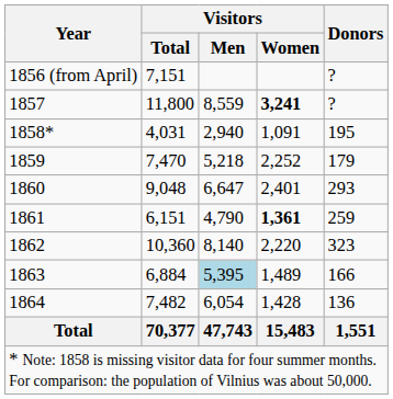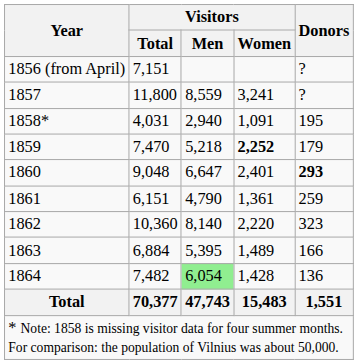 <table class="wikitable sortable floatright">
 <tr>
 <th rowspan=2>Year</th>
 <th colspan=3>Visitors</th>
 <th rowspan=2>Donors</th>
 </tr>
 <tr>
 <th>Total</th>
 <th>Men</th>
 <th>Women</th>
 </tr>
 <tr>
 <td>1856 (from April)</td>
 <td>7,151</td>
 <td> </td>
 <td> </td>
 <td>?</td>
 </tr>
 <tr>
 <td>1857</td>
 <td>11,800</td>
 <td>8,559</td>
-<td><strong>3,241</strong></td>
+<td>3,241</td>
 <td>?</td>
 </tr>
 <tr>
 <td>1858*</td>
 <td>4,031</td>
 <td>2,940</td>
 <td>1,091</td>
 <td>195</td>
 </tr>
 <tr>
 <td>1859</td>
 <td>7,470</td>
 <td>5,218</td>
-<td>2,252</td>
+<td><strong>2,252</strong></td>
 <td>179</td>
 </tr>
 <tr>
 <td>1860</td>
 <td>9,048</td>
 <td>6,647</td>
 <td>2,401</td>
-<td>293</td>
+<td><strong>293</strong></td>
 </tr>
 <tr>
 <td>1861</td>
 <td>6,151</td>
 <td>4,790</td>
-<td><strong>1,361</strong></td>
+<td>1,361</td>
 <td>259</td>
 </tr>
 <tr>
 <td>1862</td>
 <td>10,360</td>
 <td>8,140</td>
 <td>2,220</td>
 <td>323</td>
 </tr>
 <tr>
 <td>1863</td>
 <td>6,884</td>
-<td style="background: lightblue;">5,395</td>
+<td>5,395</td>
 <td>1,489</td>
 <td>166</td>
 </tr>
 <tr>
 <td>1864</td>
 <td>7,482</td>
-<td>6,054</td>
+<td style="background: lightgreen;">6,054</td>
 <td>1,428</td>
 <td>136</td>
 </tr>
 <tr class="sortbottom">
 <th>Total</th>
 <th>70,377</th>
 <th>47,743</th>
 <th>15,483</th>
 <th>1,551</th>
 </tr>
 <tr class="sortbottom">
 <td colspan=5>* <small>Note: 1858 is missing visitor data for four summer months. <br> For comparison: the population of Vilnius was about 50,000.</small></td>
 </tr>
 </table>
